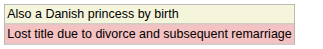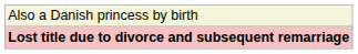 <table class="wikitable">
 <tr>
 <td style="background:beige">Also a Danish princess by birth</td>
 </tr>
 <tr>
-<td style="background:#F4C2C2">Lost title due to divorce and subsequent remarriage</td>
+<td style="background:#F4C2C2"><strong>Lost title due to divorce and subsequent remarriage</strong></td>
 </tr>
 </table>
